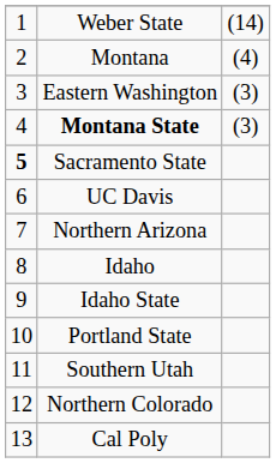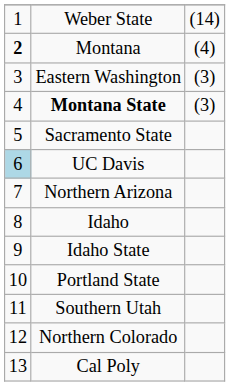 <table class="wikitable" style="display: inline-table;">
 <tr align="center">
 </tr>
 <tr align="center">
 <td>1</td>
 <td>Weber State</td>
 <td>(14)</td>
 </tr>
 <tr align="center">
-<td>2</td>
+<td><strong>2</strong></td>
 <td>Montana</td>
 <td>(4)</td>
 </tr>
 <tr align="center">
 <td>3</td>
 <td>Eastern Washington</td>
 <td>(3)</td>
 </tr>
 <tr align="center">
 <td>4</td>
 <td><strong>Montana State</strong></td>
 <td>(3)</td>
 </tr>
 <tr align="center">
-<td><strong>5</strong></td>
+<td>5</td>
 <td>Sacramento State</td>
 <td></td>
 </tr>
 <tr align="center">
-<td>6</td>
+<td style="background: lightblue;">6</td>
 <td>UC Davis</td>
 <td></td>
 </tr>
 <tr align="center">
 <td>7</td>
 <td>Northern Arizona</td>
 <td></td>
 </tr>
 <tr align="center">
 <td>8</td>
 <td>Idaho</td>
 <td></td>
 </tr>
 <tr align="center">
 <td>9</td>
 <td>Idaho State</td>
 <td></td>
 </tr>
 <tr align="center">
 <td>10</td>
 <td>Portland State</td>
 <td></td>
 </tr>
 <tr align="center">
 <td>11</td>
 <td>Southern Utah</td>
 <td></td>
 </tr>
 <tr align="center">
 <td>12</td>
 <td>Northern Colorado</td>
 <td></td>
 </tr>
 <tr align="center">
 <td>13</td>
 <td>Cal Poly</td>
 <td></td>
 </tr>
 </table>
